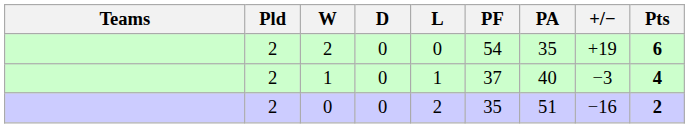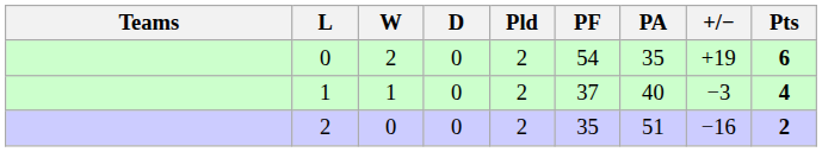 <table class="wikitable" style="text-align: center;">
 <tr>
 <th width="200">Teams</th>
-<th width="40">Pld</th>
+<th width="40">L</th>
 <th width="40">W</th>
 <th width="40">D</th>
-<th width="40">L</th>
+<th width="40">Pld</th>
 <th width="40">PF</th>
 <th width="40">PA</th>
 <th width="40">+/−</th>
 <th width="40">Pts</th>
 </tr>
 <tr bgcolor=ccffcc>
 <td align=left></td>
-<td>2</td>
+<td>0</td>
 <td>2</td>
 <td>0</td>
-<td>0</td>
+<td>2</td>
 <td>54</td>
 <td>35</td>
 <td>+19</td>
 <td><strong>6</strong></td>
 </tr>
 <tr bgcolor=ccffcc>
 <td align=left></td>
-<td>2</td>
+<td>1</td>
 <td>1</td>
 <td>0</td>
-<td>1</td>
+<td>2</td>
 <td>37</td>
 <td>40</td>
 <td>−3</td>
 <td><strong>4</strong></td>
 </tr>
 <tr bgcolor=ccccff>
 <td align=left></td>
 <td>2</td>
 <td>0</td>
 <td>0</td>
 <td>2</td>
 <td>35</td>
 <td>51</td>
 <td>−16</td>
 <td><strong>2</strong></td>
 </tr>
 </table>
